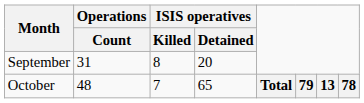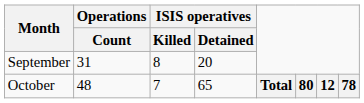 <table class="wikitable" style="display: inline-table;">
 <tr>
 <th rowspan="2">Month</th>
 <th>Operations</th>
 <th colspan="2">ISIS operatives</th>
 </tr>
 <tr>
 <th>Count</th>
 <th>Killed</th>
 <th>Detained</th>
 </tr>
 <tr>
 <td>September</td>
 <td>31</td>
 <td>8</td>
 <td>20</td>
 </tr>
 <tr>
 <td>October</td>
 <td>48</td>
 <td>7</td>
 <td>65</td>
 <th>Total</th>
-<th>79</th>
-<th>13</th>
+<th>80</th>
+<th>12</th>
 <th>78</th>
 </tr>
 </table>
